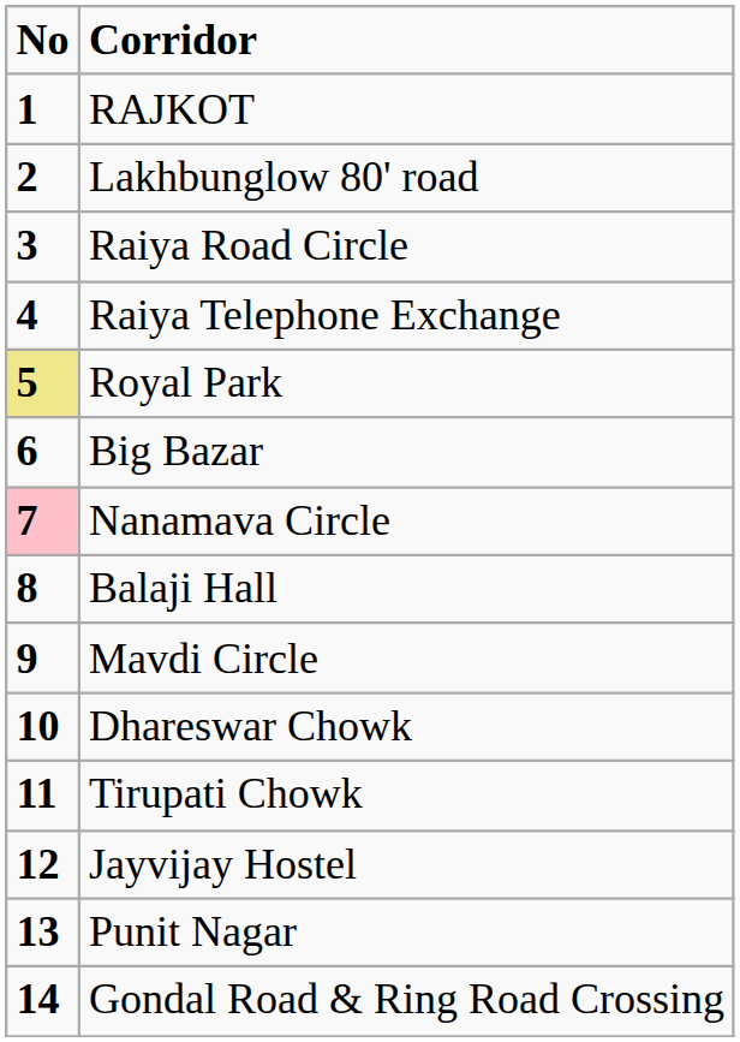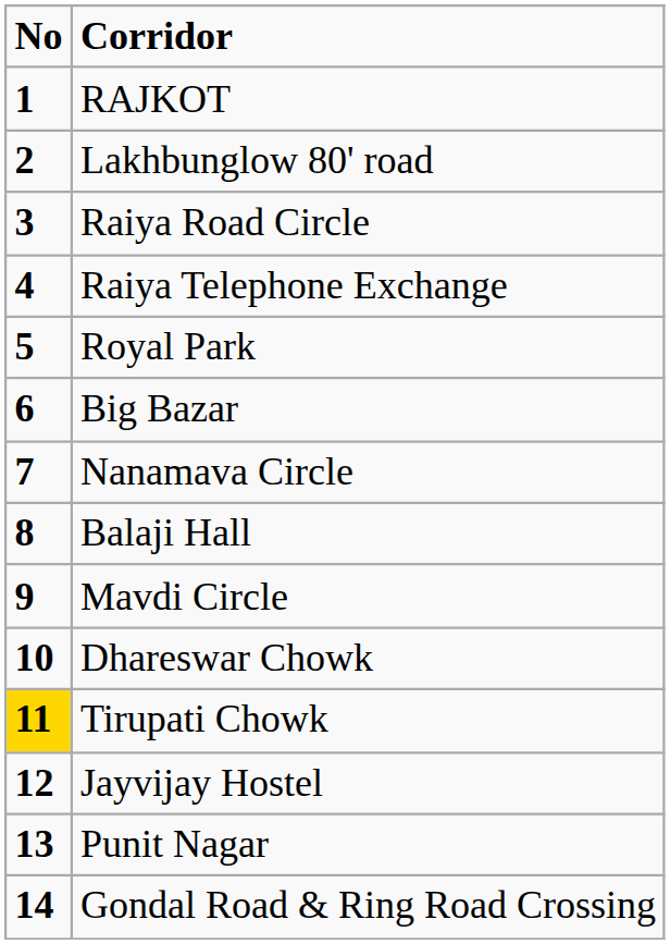 <table class="wikitable">
 <tr>
 <td><strong>No</strong></td>
 <td><strong>Corridor</strong></td>
 </tr>
 <tr>
 <td><strong>1</strong></td>
 <td>RAJKOT</td>
 </tr>
 <tr>
 <td><strong>2</strong></td>
 <td>Lakhbunglow 80' road</td>
 </tr>
 <tr>
 <td><strong>3</strong></td>
 <td>Raiya Road Circle</td>
 </tr>
 <tr>
 <td><strong>4</strong></td>
 <td>Raiya Telephone Exchange</td>
 </tr>
 <tr>
-<td style="background: khaki;"><strong>5</strong></td>
+<td><strong>5</strong></td>
 <td>Royal Park</td>
 </tr>
 <tr>
 <td><strong>6</strong></td>
 <td>Big Bazar</td>
 </tr>
 <tr>
-<td style="background: pink;"><strong>7</strong></td>
+<td><strong>7</strong></td>
 <td>Nanamava Circle</td>
 </tr>
 <tr>
 <td><strong>8</strong></td>
 <td>Balaji Hall</td>
 </tr>
 <tr>
 <td><strong>9</strong></td>
 <td>Mavdi Circle</td>
 </tr>
 <tr>
 <td><strong>10</strong></td>
 <td>Dhareswar Chowk</td>
 </tr>
 <tr>
-<td><strong>11</strong></td>
+<td style="background: gold;"><strong>11</strong></td>
 <td>Tirupati Chowk</td>
 </tr>
 <tr>
 <td><strong>12</strong></td>
 <td>Jayvijay Hostel</td>
 </tr>
 <tr>
 <td><strong>13</strong></td>
 <td>Punit Nagar</td>
 </tr>
 <tr>
 <td><strong>14</strong></td>
 <td>Gondal Road & Ring Road Crossing</td>
 </tr>
 </table>
